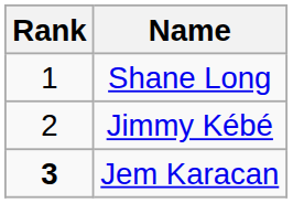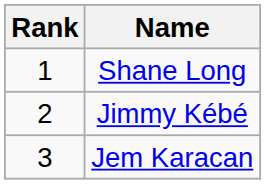 <table class="wikitable" style="text-align:center; border:1px #aaa solid; font-size:95%;">
 <tr>
 <th>Rank</th>
 <th>Name</th>
 </tr>
 <tr>
 <td>1</td>
 <td> <a href='#'>Shane Long</a></td>
 </tr>
 <tr>
 <td>2</td>
 <td> <a href='#'>Jimmy Kébé</a></td>
 </tr>
 <tr>
-<td><strong>3</strong></td>
+<td>3</td>
 <td> <a href='#'>Jem Karacan</a></td>
 </tr>
 </table>
